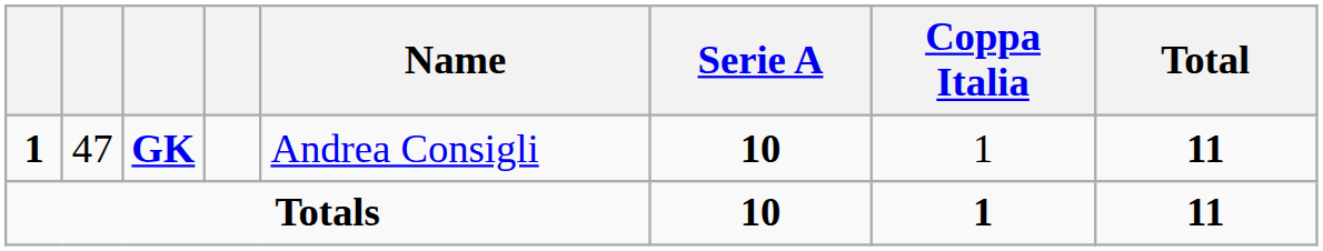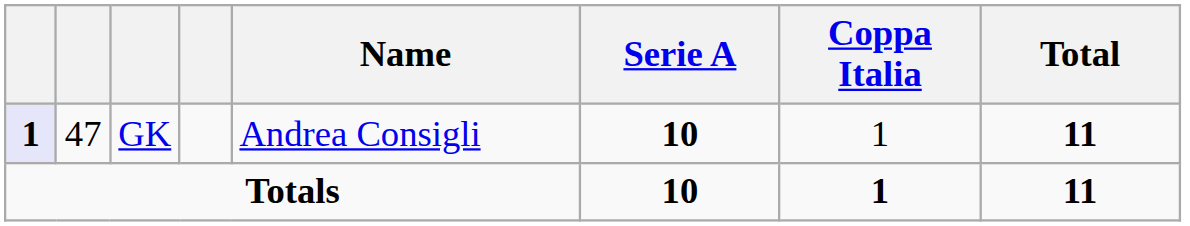 <table class="wikitable" style="text-align:center">
 <tr>
 <th width=15></th>
 <th width=15></th>
 <th width=15></th>
 <th width=15></th>
 <th width=145>Name</th>
 <th width=80><a href='#'>Serie A</a></th>
 <th width=80><a href='#'>Coppa Italia</a></th>
 <th width=80>Total</th>
 </tr>
 <tr>
-<td><strong>1</strong></td>
+<td style="background: lavender;"><strong>1</strong></td>
 <td>47</td>
-<td><strong><a href='#'>GK</a></strong></td>
+<td><a href='#'>GK</a></td>
 <td></td>
 <td align=left><a href='#'>Andrea Consigli</a></td>
 <td><strong>10</strong></td>
 <td>1</td>
 <td><strong>11</strong></td>
 </tr>
 <tr>
 <td colspan=5><strong>Totals</strong></td>
 <td><strong>10</strong></td>
 <td><strong>1</strong></td>
 <td><strong>11</strong></td>
 </tr>
 </table>
